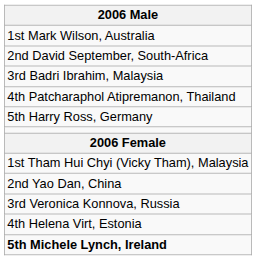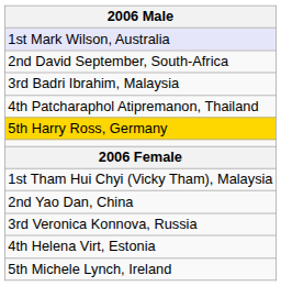 <table class="wikitable" style="float:left; margin-right:1em">
 <tr>
 <th>2006 Male</th>
 </tr>
 <tr>
-<td>1st Mark Wilson, Australia</td>
+<td style="background: lavender;">1st Mark Wilson, Australia</td>
 </tr>
 <tr>
 <td>2nd David September, South-Africa</td>
 </tr>
 <tr>
 <td>3rd Badri Ibrahim, Malaysia</td>
 </tr>
 <tr>
 <td>4th Patcharaphol Atipremanon, Thailand</td>
 </tr>
 <tr>
-<td>5th Harry Ross, Germany</td>
+<td style="background: gold;">5th Harry Ross, Germany</td>
 </tr>
 <tr>
 <td></td>
 </tr>
 <tr>
 <th>2006 Female</th>
 </tr>
 <tr>
 <td>1st Tham Hui Chyi (Vicky Tham), Malaysia</td>
 </tr>
 <tr>
 <td>2nd Yao Dan, China</td>
 </tr>
 <tr>
 <td>3rd Veronica Konnova, Russia</td>
 </tr>
 <tr>
 <td>4th Helena Virt, Estonia</td>
 </tr>
 <tr>
-<td><strong>5th Michele Lynch, Ireland</strong></td>
+<td>5th Michele Lynch, Ireland</td>
 </tr>
 </table>
